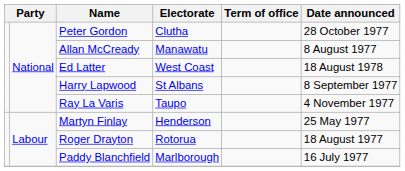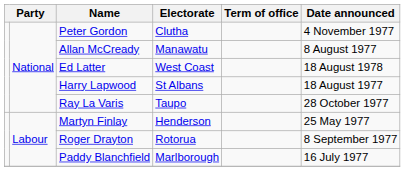 <table class="wikitable">
 <tr>
 <th colspan=2>Party</th>
 <th>Name</th>
 <th>Electorate</th>
 <th>Term of office</th>
 <th>Date announced</th>
 </tr>
 <tr>
 <td rowspan=5 style="background-color: "></td>
 <td rowspan=5><a href='#'>National</a></td>
 <td><a href='#'>Peter Gordon</a></td>
 <td><a href='#'>Clutha</a></td>
 <td></td>
-<td>28 October 1977</td>
+<td>4 November 1977</td>
 </tr>
 <tr>
 <td><a href='#'>Allan McCready</a></td>
 <td><a href='#'>Manawatu</a></td>
 <td></td>
 <td>8 August 1977</td>
 </tr>
 <tr>
 <td><a href='#'>Ed Latter</a></td>
 <td><a href='#'>West Coast</a></td>
 <td></td>
 <td>18 August 1978</td>
 </tr>
 <tr>
 <td><a href='#'>Harry Lapwood</a></td>
 <td><a href='#'>St Albans</a></td>
 <td></td>
-<td>8 September 1977</td>
+<td>18 August 1977</td>
 </tr>
 <tr>
 <td><a href='#'>Ray La Varis</a></td>
 <td><a href='#'>Taupo</a></td>
 <td></td>
-<td>4 November 1977</td>
+<td>28 October 1977</td>
 </tr>
 <tr>
 <td rowspan=3 style="background-color: "></td>
 <td rowspan=3><a href='#'>Labour</a></td>
 <td><a href='#'>Martyn Finlay</a></td>
 <td><a href='#'>Henderson</a></td>
 <td></td>
 <td>25 May 1977</td>
 </tr>
 <tr>
 <td><a href='#'>Roger Drayton</a></td>
 <td><a href='#'>Rotorua</a></td>
 <td></td>
-<td>18 August 1977</td>
+<td>8 September 1977</td>
 </tr>
 <tr>
 <td><a href='#'>Paddy Blanchfield</a></td>
 <td><a href='#'>Marlborough</a></td>
 <td></td>
 <td>16 July 1977</td>
 </tr>
 <tr>
 </tr>
 </table>
